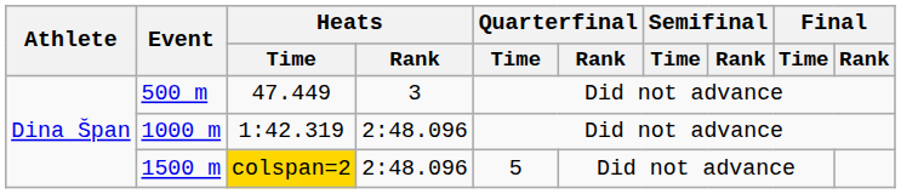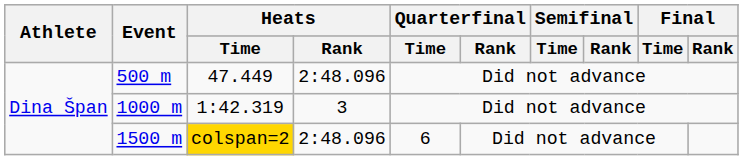 <table class="wikitable" style="font-size:90%">
 <tr>
 <th rowspan=2>Athlete</th>
 <th rowspan=2>Event</th>
 <th colspan=2>Heats</th>
 <th colspan=2>Quarterfinal</th>
 <th colspan=2>Semifinal</th>
 <th colspan=2>Final</th>
 </tr>
 <tr style="font-size:95%">
 <th>Time</th>
 <th>Rank</th>
 <th>Time</th>
 <th>Rank</th>
 <th>Time</th>
 <th>Rank</th>
 <th>Time</th>
 <th>Rank</th>
 </tr>
 <tr align=center>
 <td align=left rowspan=3><a href='#'>Dina Špan</a></td>
 <td align=left><a href='#'>500 m</a></td>
 <td>47.449</td>
-<td>3</td>
+<td>2:48.096</td>
 <td colspan=6>Did not advance</td>
 </tr>
 <tr align=center>
 <td align=left><a href='#'>1000 m</a></td>
 <td>1:42.319</td>
-<td>2:48.096</td>
+<td>3</td>
 <td colspan=6>Did not advance</td>
 </tr>
 <tr align=center>
 <td align=left><a href='#'>1500 m</a></td>
 <td style="background: gold;">colspan=2</td>
 <td>2:48.096</td>
-<td>5</td>
+<td>6</td>
 <td colspan=4>Did not advance</td>
 </tr>
 </table>
